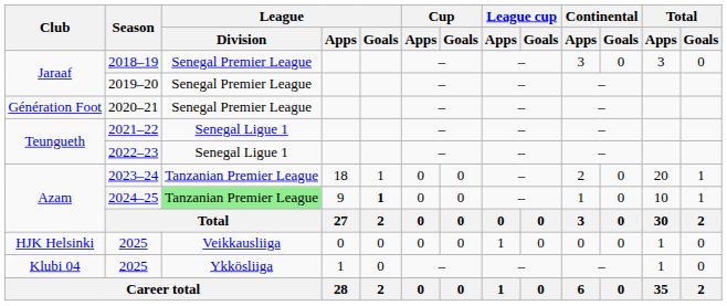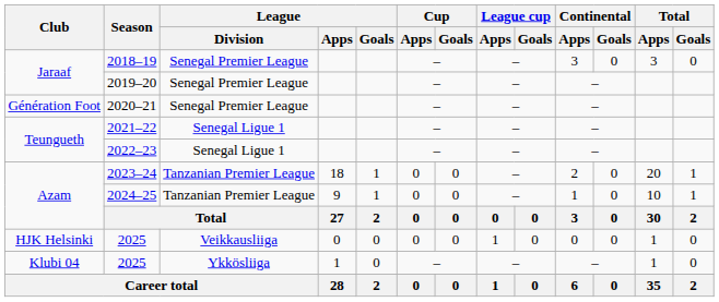 <table class="wikitable" style="text-align:center">
 <tr>
 <th rowspan="2">Club</th>
 <th rowspan="2">Season</th>
 <th colspan="3">League</th>
 <th colspan="2">Cup</th>
 <th colspan="2"><a href='#'>League cup</a></th>
 <th colspan="2">Continental</th>
 <th colspan="2">Total</th>
 </tr>
 <tr>
 <th>Division</th>
 <th>Apps</th>
 <th>Goals</th>
 <th>Apps</th>
 <th>Goals</th>
 <th>Apps</th>
 <th>Goals</th>
 <th>Apps</th>
 <th>Goals</th>
 <th>Apps</th>
 <th>Goals</th>
 </tr>
 <tr>
 <td rowspan=2><a href='#'>Jaraaf</a></td>
 <td><a href='#'>2018–19</a></td>
 <td><a href='#'>Senegal Premier League</a></td>
 <td></td>
 <td></td>
 <td colspan=2>–</td>
 <td colspan=2>–</td>
 <td>3</td>
 <td>0</td>
 <td>3</td>
 <td>0</td>
 </tr>
 <tr>
 <td>2019–20</td>
 <td>Senegal Premier League</td>
 <td></td>
 <td></td>
 <td colspan=2>–</td>
 <td colspan=2>–</td>
 <td colspan=2>–</td>
 <td></td>
 <td></td>
 </tr>
 <tr>
 <td><a href='#'>Génération Foot</a></td>
 <td>2020–21</td>
 <td>Senegal Premier League</td>
 <td></td>
 <td></td>
 <td colspan=2>–</td>
 <td colspan=2>–</td>
 <td colspan=2>–</td>
 <td></td>
 <td></td>
 </tr>
 <tr>
 <td rowspan=2><a href='#'>Teungueth</a></td>
 <td><a href='#'>2021–22</a></td>
 <td><a href='#'>Senegal Ligue 1</a></td>
 <td></td>
 <td></td>
 <td colspan=2>–</td>
 <td colspan=2>–</td>
 <td colspan=2>–</td>
 <td></td>
 <td></td>
 </tr>
 <tr>
 <td><a href='#'>2022–23</a></td>
 <td>Senegal Ligue 1</td>
 <td></td>
 <td></td>
 <td colspan=2>–</td>
 <td colspan=2>–</td>
 <td colspan=2>–</td>
 <td></td>
 <td></td>
 </tr>
 <tr>
 <td rowspan=3><a href='#'>Azam</a></td>
 <td><a href='#'>2023–24</a></td>
 <td><a href='#'>Tanzanian Premier League</a></td>
 <td>18</td>
 <td>1</td>
 <td>0</td>
 <td>0</td>
 <td colspan=2>–</td>
 <td>2</td>
 <td>0</td>
 <td>20</td>
 <td>1</td>
 </tr>
 <tr>
 <td><a href='#'>2024–25</a></td>
-<td style="background: lightgreen;">Tanzanian Premier League</td>
+<td>Tanzanian Premier League</td>
 <td>9</td>
-<td><strong>1</strong></td>
+<td>1</td>
 <td>0</td>
 <td>0</td>
 <td colspan=2>–</td>
 <td>1</td>
 <td>0</td>
 <td>10</td>
 <td>1</td>
 </tr>
 <tr>
 <th colspan=2>Total</th>
 <th>27</th>
 <th>2</th>
 <th>0</th>
 <th>0</th>
 <th>0</th>
 <th>0</th>
 <th>3</th>
 <th>0</th>
 <th>30</th>
 <th>2</th>
 </tr>
 <tr>
 <td><a href='#'>HJK Helsinki</a></td>
 <td><a href='#'>2025</a></td>
 <td><a href='#'>Veikkausliiga</a></td>
 <td>0</td>
 <td>0</td>
 <td>0</td>
 <td>0</td>
 <td>1</td>
 <td>0</td>
 <td>0</td>
 <td>0</td>
 <td>1</td>
 <td>0</td>
 </tr>
 <tr>
 <td><a href='#'>Klubi 04</a></td>
 <td><a href='#'>2025</a></td>
 <td><a href='#'>Ykkösliiga</a></td>
 <td>1</td>
 <td>0</td>
 <td colspan=2>–</td>
 <td colspan=2>–</td>
 <td colspan=2>–</td>
 <td>1</td>
 <td>0</td>
 </tr>
 <tr>
 <th colspan="3">Career total</th>
 <th>28</th>
 <th>2</th>
 <th>0</th>
 <th>0</th>
 <th>1</th>
 <th>0</th>
 <th>6</th>
 <th>0</th>
 <th>35</th>
 <th>2</th>
 </tr>
 </table>
